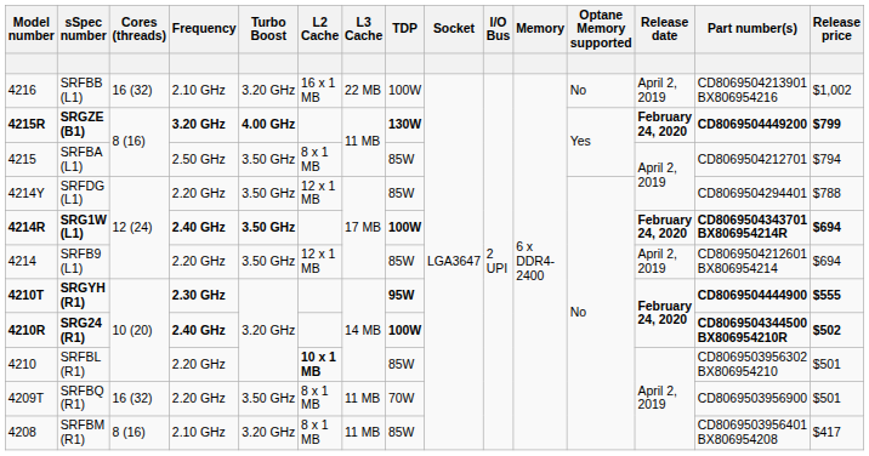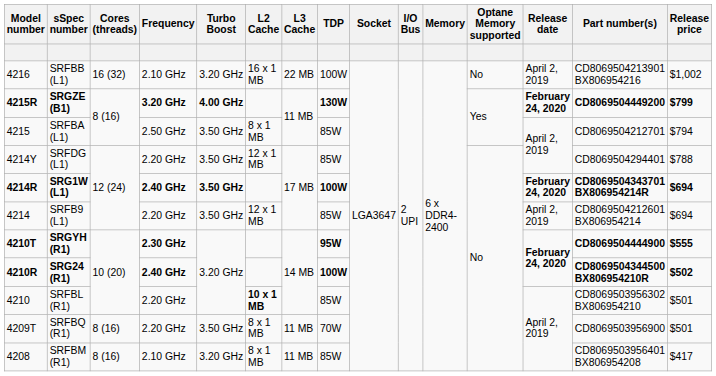 <table class="wikitable sortable hover-highlight">
 <tr>
 <th>Model number</th>
 <th>sSpec number</th>
 <th>Cores (threads)</th>
 <th>Frequency</th>
 <th>Turbo Boost</th>
 <th>L2 Cache</th>
 <th>L3 Cache</th>
 <th>TDP</th>
 <th>Socket</th>
 <th>I/O Bus</th>
 <th>Memory</th>
 <th>Optane Memory supported</th>
 <th>Release date</th>
 <th>Part number(s)</th>
 <th>Release price</th>
 </tr>
 <tr>
 <th style="background-position:center"><br></th>
 <th style="background-position:center"></th>
 <th style="background-position:center"></th>
 <th style="background-position:center"></th>
 <th style="background-position:center"></th>
 <th style="background-position:center"></th>
 <th style="background-position:center"></th>
 <th style="background-position:center"></th>
 <th style="background-position:center"></th>
 <th style="background-position:center"></th>
 <th style="background-position:center"></th>
 <th style="background-position:center"></th>
 <th style="background-position:center"></th>
 <th style="background-position:center"></th>
 <th style="background-position:center"></th>
 </tr>
 <tr>
 <td>4216</td>
 <td>SRFBB (L1)</td>
 <td>16 (32)</td>
 <td>2.10 GHz</td>
 <td>3.20 GHz</td>
 <td>16 x 1 MB</td>
 <td>22 MB</td>
 <td>100W</td>
 <td rowspan="11">LGA3647</td>
 <td rowspan="11">2 UPI</td>
 <td rowspan="11">6 x DDR4-2400</td>
 <td>No</td>
 <td>April 2, 2019</td>
 <td>CD8069504213901<br>BX806954216</td>
 <td>$1,002</td>
 </tr>
 <tr>
 <td><strong>4215R</strong></td>
 <td><strong>SRGZE (B1)</strong></td>
 <td rowspan="2">8 (16)</td>
 <td><strong>3.20 GHz</strong></td>
 <td><strong>4.00 GHz</strong></td>
 <td></td>
 <td rowspan="2">11 MB</td>
 <td><strong>130W</strong></td>
 <td rowspan="2">Yes</td>
 <td><strong>February 24, 2020</strong></td>
 <td><strong>CD8069504449200</strong></td>
 <td><strong>$799</strong></td>
 </tr>
 <tr>
 <td>4215</td>
 <td>SRFBA (L1)</td>
 <td>2.50 GHz</td>
 <td>3.50 GHz</td>
 <td>8 x 1 MB</td>
 <td>85W</td>
 <td rowspan="2">April 2, 2019</td>
 <td>CD8069504212701</td>
 <td>$794</td>
 </tr>
 <tr>
 <td>4214Y</td>
 <td>SRFDG (L1)</td>
 <td rowspan="3">12 (24)</td>
 <td>2.20 GHz</td>
 <td>3.50 GHz</td>
 <td>12 x 1 MB</td>
 <td rowspan="3">17 MB</td>
 <td>85W</td>
 <td rowspan="8">No</td>
 <td>CD8069504294401</td>
 <td>$788</td>
 </tr>
 <tr>
 <td><strong>4214R</strong></td>
 <td><strong>SRG1W (L1)</strong></td>
 <td><strong>2.40 GHz</strong></td>
 <td><strong>3.50 GHz</strong></td>
 <td></td>
 <td><strong>100W</strong></td>
 <td><strong>February 24, 2020</strong></td>
 <td><strong>CD8069504343701</strong><br><strong>BX806954214R</strong></td>
 <td><strong>$694</strong></td>
 </tr>
 <tr>
 <td>4214</td>
 <td>SRFB9 (L1)</td>
 <td>2.20 GHz</td>
 <td>3.50 GHz</td>
 <td>12 x 1 MB</td>
 <td>85W</td>
 <td>April 2, 2019</td>
 <td>CD8069504212601<br>BX806954214</td>
 <td>$694</td>
 </tr>
 <tr>
 <td><strong>4210T</strong></td>
 <td><strong>SRGYH (R1)</strong></td>
 <td rowspan="3">10 (20)</td>
 <td><strong>2.30 GHz</strong></td>
 <td rowspan="3">3.20 GHz</td>
 <td></td>
 <td rowspan="3">14 MB</td>
 <td><strong>95W</strong></td>
 <td rowspan="2"><strong>February 24, 2020</strong></td>
 <td><strong>CD8069504444900</strong></td>
 <td><strong>$555</strong></td>
 </tr>
 <tr>
 <td><strong>4210R</strong></td>
 <td><strong>SRG24 (R1)</strong></td>
 <td><strong>2.40 GHz</strong></td>
 <td></td>
 <td><strong>100W</strong></td>
 <td><strong>CD8069504344500</strong><br><strong>BX806954210R</strong></td>
 <td><strong>$502</strong></td>
 </tr>
 <tr>
 <td>4210</td>
 <td>SRFBL (R1)</td>
 <td>2.20 GHz</td>
 <td><strong>10 x 1 MB</strong></td>
 <td>85W</td>
 <td rowspan="3">April 2, 2019</td>
 <td>CD8069503956302<br>BX806954210</td>
 <td>$501</td>
 </tr>
 <tr>
 <td>4209T</td>
 <td>SRFBQ (R1)</td>
-<td>16 (32)</td>
+<td>8 (16)</td>
 <td>2.20 GHz</td>
 <td>3.50 GHz</td>
 <td>8 x 1 MB</td>
 <td>11 MB</td>
 <td>70W</td>
 <td>CD8069503956900</td>
 <td>$501</td>
 </tr>
 <tr>
 <td>4208</td>
 <td>SRFBM (R1)</td>
 <td>8 (16)</td>
 <td>2.10 GHz</td>
 <td>3.20 GHz</td>
 <td>8 x 1 MB</td>
 <td>11 MB</td>
 <td>85W</td>
 <td>CD8069503956401<br>BX806954208</td>
 <td>$417</td>
 </tr>
 </table>
